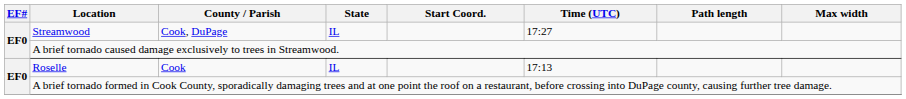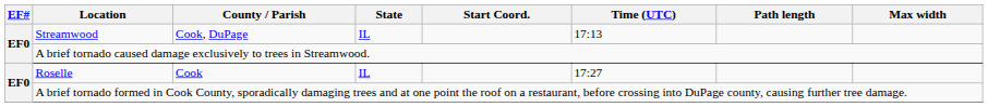 <table class="wikitable sortable" style="width:100%;">
 <tr>
 <th scope="col" width="2%" align="center"><a href='#'>EF#</a></th>
 <th scope="col" align="center" class="unsortable">Location</th>
 <th scope="col" align="center" class="unsortable">County / Parish</th>
 <th scope="col" align="center">State</th>
 <th scope="col" align="center">Start Coord.</th>
 <th scope="col" align="center">Time (<a href='#'>UTC</a>)</th>
 <th scope="col" align="center">Path length</th>
 <th scope="col" align="center">Max width</th>
 </tr>
 <tr>
 <th scope="row" rowspan="2" style="background-color:#">EF0</th>
 <td><a href='#'>Streamwood</a></td>
 <td><a href='#'>Cook</a>, <a href='#'>DuPage</a></td>
 <td><a href='#'>IL</a></td>
 <td></td>
-<td>17:27</td>
+<td>17:13</td>
 <td></td>
 <td></td>
 </tr>
 <tr class="expand-child">
 <td colspan="8" style=" border-bottom: 1px solid black;">A brief tornado caused damage exclusively to trees in Streamwood.</td>
 </tr>
 <tr>
 <th scope="row" rowspan="2" style="background-color:#">EF0</th>
 <td><a href='#'>Roselle</a></td>
 <td><a href='#'>Cook</a></td>
 <td><a href='#'>IL</a></td>
 <td></td>
-<td>17:13</td>
+<td>17:27</td>
 <td></td>
 <td></td>
 </tr>
 <tr class="expand-child">
 <td colspan="8" style=" border-bottom: 1px solid black;">A brief tornado formed in Cook County, sporadically damaging trees and at one point the roof on a restaurant, before crossing into DuPage county, causing further tree damage.</td>
 </tr>
 <tr>
 </tr>
 </table>
